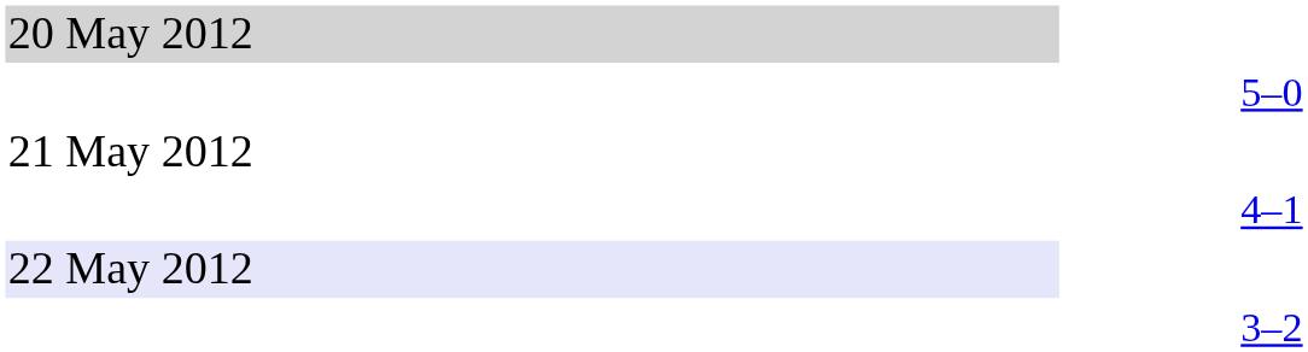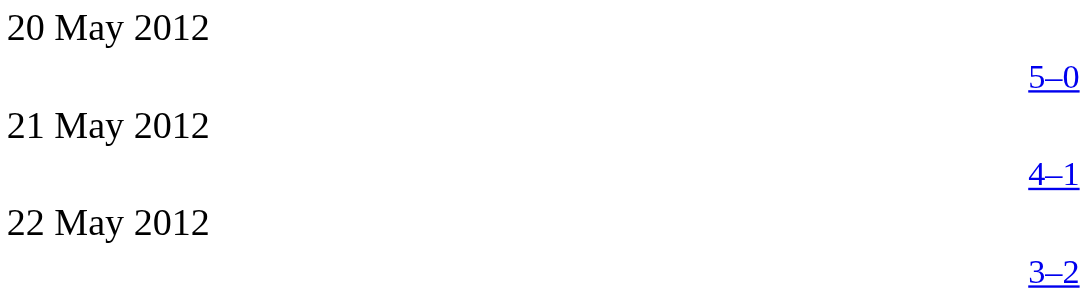 <table style="width:100%;" cellspacing="1">
 <tr>
 <th width=25%></th>
 <th width=10%></th>
 <th width=25%></th>
 </tr>
 <tr>
-<td style="background: lightgrey;">20 May 2012</td>
+<td>20 May 2012</td>
 </tr>
 <tr style=font-size:90%>
 <td align=right></td>
 <td align=center><a href='#'>5–0</a></td>
 <td></td>
 </tr>
 <tr>
 <td>21 May 2012</td>
 </tr>
 <tr style=font-size:90%>
 <td align=right></td>
 <td align=center><a href='#'>4–1</a></td>
 <td></td>
 </tr>
 <tr>
-<td style="background: lavender;">22 May 2012</td>
+<td>22 May 2012</td>
 </tr>
 <tr style=font-size:90%>
 <td align=right></td>
 <td align=center><a href='#'>3–2</a></td>
 <td></td>
 </tr>
 </table>
